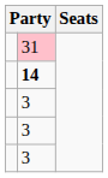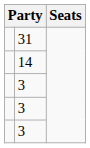 <table class="wikitable">
 <tr>
 <th colspan="2" rowspan="1" align="center" valign="top"><strong>Party</strong></th>
 <th valign="top"><strong>Seats</strong><br></th>
 </tr>
 <tr>
 <td></td>
-<td style="background: pink;">31</td>
+<td>31</td>
 </tr>
 <tr>
 <td></td>
-<td><strong>14</strong></td>
+<td>14</td>
 </tr>
 <tr>
 <td></td>
 <td>3</td>
 </tr>
 <tr>
 <td></td>
 <td>3</td>
 </tr>
 <tr>
 <td></td>
 <td>3</td>
 </tr>
 </table>
